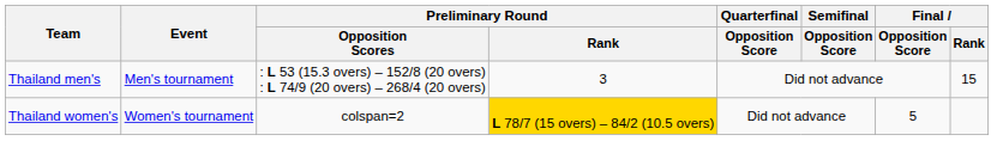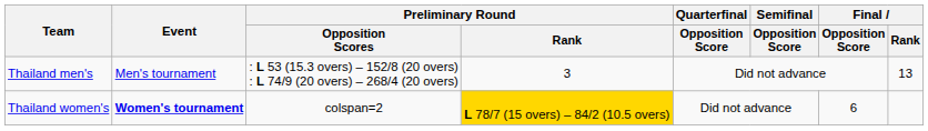 <table class="wikitable" style="font-size:90%;text-align:center">
 <tr>
 <th rowspan="2">Team</th>
 <th rowspan="2">Event</th>
 <th colspan="2">Preliminary Round</th>
 <th>Quarterfinal</th>
 <th>Semifinal</th>
 <th colspan="2">Final / </th>
 </tr>
 <tr style=font-size:95%>
 <th>Opposition<br>Scores</th>
 <th>Rank</th>
 <th>Opposition<br>Score</th>
 <th>Opposition<br>Score</th>
 <th>Opposition<br>Score</th>
 <th>Rank</th>
 </tr>
 <tr>
 <td align="left"><a href='#'>Thailand men's</a></td>
 <td align="left"><a href='#'>Men's tournament</a></td>
 <td>: <strong>L</strong> 53 (15.3 overs) – 152/8 (20 overs)<br>: <strong>L</strong> 74/9 (20 overs) – 268/4 (20 overs)</td>
 <td>3</td>
 <td colspan=3>Did not advance</td>
-<td>15</td>
+<td>13</td>
 </tr>
 <tr>
 <td align="left"><a href='#'>Thailand women's</a></td>
-<td align="left"><a href='#'>Women's tournament</a></td>
+<td align="left"><strong><a href='#'>Women's tournament</a></strong></td>
 <td>colspan=2 </td>
 <td style="background: gold;"><br><strong>L</strong> 78/7 (15 overs) – 84/2 (10.5 overs)</td>
 <td colspan="2">Did not advance</td>
-<td>5</td>
+<td>6</td>
 </tr>
 </table>
